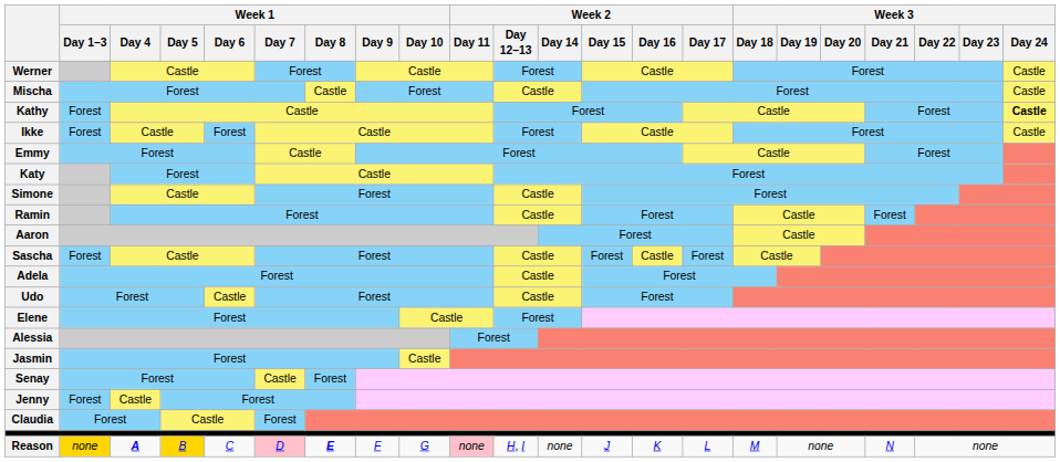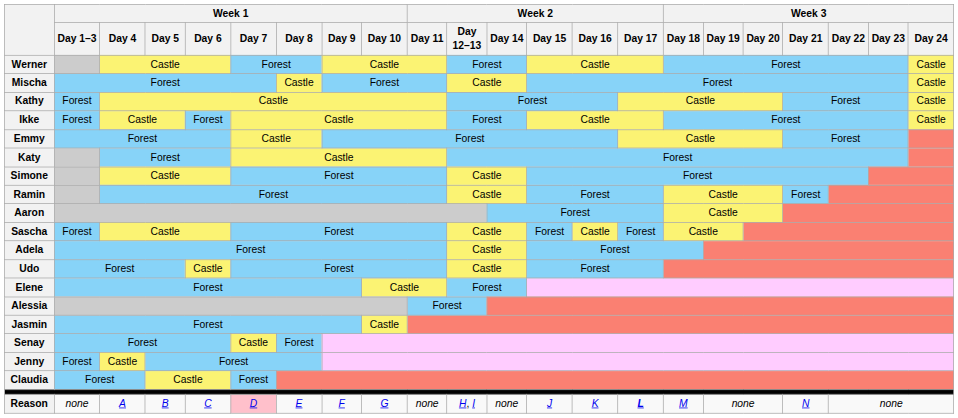 <table class="wikitable" style="text-align:center; width:auto; font-size:85%; line-height:18px;">
 <tr>
 <th rowspan="2" style="width:2%;"></th>
 <th colspan="8">Week 1</th>
 <th colspan="6">Week 2</th>
 <th colspan="7">Week 3</th>
 </tr>
 <tr>
 <th style="width:3%;">Day 1–3</th>
 <th style="width:3%;">Day 4</th>
 <th style="width:3%;">Day 5</th>
 <th style="width:3%;">Day 6</th>
 <th style="width:3%;">Day 7</th>
 <th style="width:3%;">Day 8</th>
 <th style="width:3%;">Day 9</th>
 <th style="width:3%;">Day 10</th>
 <th style="width:3%;">Day 11</th>
 <th style="width:3%;">Day 12–13</th>
 <th style="width:3%;">Day 14</th>
 <th style="width:3%;">Day 15</th>
 <th style="width:3%;">Day 16</th>
 <th style="width:3%;">Day 17</th>
 <th style="width:3%;">Day 18</th>
 <th style="width:3%;">Day 19</th>
 <th style="width:3%;">Day 20</th>
 <th style="width:3%;">Day 21</th>
 <th style="width:3%;">Day 22</th>
 <th style="width:3%;">Day 23</th>
 <th style="width:3%;">Day 24</th>
 </tr>
 <tr>
 <th>Werner</th>
 <td style="background:#cccccc;"></td>
 <td colspan="3" style="background:#FBF373;">Castle</td>
 <td colspan="2" style="background:#87D3F8;">Forest</td>
 <td colspan="3" style="background:#FBF373;">Castle</td>
 <td colspan="2" style="background:#87D3F8;">Forest</td>
 <td colspan="3" style="background:#FBF373;">Castle</td>
 <td colspan="6" style="background:#87D3F8;">Forest</td>
 <td style="background:#FBF373;">Castle</td>
 </tr>
 <tr>
 <th>Mischa</th>
 <td colspan="5" style="background:#87D3F8;">Forest</td>
 <td style="background:#FBF373;">Castle</td>
 <td colspan="3" style="background:#87D3F8;">Forest</td>
 <td colspan="2" style="background:#FBF373;">Castle</td>
 <td colspan="9" style="background:#87D3F8;">Forest</td>
 <td style="background:#FBF373;">Castle</td>
 </tr>
 <tr>
 <th>Kathy</th>
 <td style="background:#87D3F8;">Forest</td>
 <td colspan="8" style="background:#FBF373;">Castle</td>
 <td colspan="4" style="background:#87D3F8;">Forest</td>
 <td colspan="4" style="background:#FBF373;">Castle</td>
 <td colspan="3" style="background:#87D3F8;">Forest</td>
-<td style="background:#FBF373;"><strong>Castle</strong></td>
+<td style="background:#FBF373;">Castle</td>
 </tr>
 <tr>
 <th>Ikke</th>
 <td style="background:#87D3F8;">Forest</td>
 <td colspan="2" style="background:#FBF373;">Castle</td>
 <td style="background:#87D3F8;">Forest</td>
 <td colspan="5" style="background:#FBF373;">Castle</td>
 <td colspan="2" style="background:#87D3F8;">Forest</td>
 <td colspan="3" style="background:#FBF373;">Castle</td>
 <td colspan="6" style="background:#87D3F8;">Forest</td>
 <td style="background:#FBF373;">Castle</td>
 </tr>
 <tr>
 <th>Emmy</th>
 <td colspan="4" style="background:#87D3F8;">Forest</td>
 <td colspan="2" style="background:#FBF373;">Castle</td>
 <td colspan="7" style="background:#87D3F8;">Forest</td>
 <td colspan="4" style="background:#FBF373;">Castle</td>
 <td colspan="3" style="background:#87D3F8;">Forest</td>
 <td style="background:#FA8072"></td>
 </tr>
 <tr>
 <th>Katy</th>
 <td style="background:#cccccc;"></td>
 <td colspan="3" style="background:#87D3F8;">Forest</td>
 <td colspan="5" style="background:#FBF373;">Castle</td>
 <td colspan="11" style="background:#87D3F8;">Forest</td>
 <td style="background:#FA8072"></td>
 </tr>
 <tr>
 <th>Simone</th>
 <td style="background:#cccccc;"></td>
 <td colspan="3" style="background:#FBF373;">Castle</td>
 <td colspan="5" style="background:#87D3F8;">Forest</td>
 <td colspan="2" style="background:#FBF373;">Castle</td>
 <td colspan="8" style="background:#87D3F8;">Forest</td>
 <td colspan="2" style="background:#FA8072"></td>
 </tr>
 <tr>
 <th>Ramin</th>
 <td style="background:#cccccc;"></td>
 <td colspan="8" style="background:#87D3F8;">Forest</td>
 <td colspan="2" style="background:#FBF373;">Castle</td>
 <td colspan="3" style="background:#87D3F8;">Forest</td>
 <td colspan="3" style="background:#FBF373;">Castle</td>
 <td colspan="1" style="background:#87D3F8;">Forest</td>
 <td colspan="3" style="background:#FA8072"></td>
 </tr>
 <tr>
 <th>Aaron</th>
 <td colspan="10" style="background:#cccccc;"></td>
 <td colspan="4" style="background:#87D3F8;">Forest</td>
 <td colspan="3" style="background:#FBF373;">Castle</td>
 <td colspan="4" style="background:#FA8072"></td>
 </tr>
 <tr>
 <th>Sascha</th>
 <td style="background:#87D3F8;">Forest</td>
 <td colspan="3" style="background:#FBF373;">Castle</td>
 <td colspan="5" style="background:#87D3F8;">Forest</td>
 <td colspan="2" style="background:#FBF373;">Castle</td>
 <td colspan="1" style="background:#87D3F8;">Forest</td>
 <td style="background:#FBF373;">Castle</td>
 <td colspan="1" style="background:#87D3F8;">Forest</td>
 <td colspan="2" style="background:#FBF373;">Castle</td>
 <td colspan="5" style="background:#FA8072"></td>
 </tr>
 <tr>
 <th>Adela</th>
 <td colspan="9" style="background:#87D3F8;">Forest</td>
 <td colspan="2" style="background:#FBF373;">Castle</td>
 <td colspan="4" style="background:#87D3F8;">Forest</td>
 <td colspan="6" style="background:#FA8072"></td>
 </tr>
 <tr>
 <th>Udo</th>
 <td colspan="3" style="background:#87D3F8;">Forest</td>
 <td style="background:#FBF373;">Castle</td>
 <td colspan="5" style="background:#87D3F8;">Forest</td>
 <td colspan="2" style="background:#FBF373;">Castle</td>
 <td colspan="3" style="background:#87D3F8;">Forest</td>
 <td colspan="7" style="background:#FA8072"></td>
 </tr>
 <tr>
 <th>Elene</th>
 <td colspan="7" style="background:#87D3F8;">Forest</td>
 <td colspan="2" style="background:#FBF373;">Castle</td>
 <td colspan="2" style="background:#87D3F8;">Forest</td>
 <td style="background:#FCF" colspan="10"></td>
 </tr>
 <tr>
 <th>Alessia</th>
 <td colspan="8" style="background:#cccccc;"></td>
 <td colspan="2" style="background:#87D3F8;">Forest</td>
 <td colspan="11" style="background:#FA8072"></td>
 </tr>
 <tr>
 <th>Jasmin</th>
 <td colspan="7" style="background:#87D3F8;">Forest</td>
 <td style="background:#FBF373;">Castle</td>
 <td colspan="13" style="background:#FA8072"></td>
 </tr>
 <tr>
 <th>Senay</th>
 <td colspan="4" style="background:#87D3F8;">Forest</td>
 <td style="background:#FBF373;">Castle</td>
 <td style="background:#87D3F8;">Forest</td>
 <td style="background:#FCF" colspan="15"></td>
 </tr>
 <tr>
 <th>Jenny</th>
 <td style="background:#87D3F8;">Forest</td>
 <td style="background:#FBF373;">Castle</td>
 <td colspan="4" style="background:#87D3F8;">Forest</td>
 <td style="background:#FCF" colspan="15"></td>
 </tr>
 <tr>
 <th>Claudia</th>
 <td colspan="2" style="background:#87D3F8;">Forest</td>
 <td colspan="2" style="background:#FBF373;">Castle</td>
 <td style="background:#87D3F8;">Forest</td>
 <td colspan="16" style="background:#FA8072"></td>
 </tr>
 <tr>
 <th colspan="22" style="background:black;"></th>
 </tr>
 <tr>
 <th>Reason</th>
-<td style="background: gold;"><em>none</em></td>
-<td><strong><em><a href='#'>A</a></em></strong></td>
-<td style="background: gold;"><em><a href='#'>B</a></em></td>
+<td><em>none</em></td>
+<td><em><a href='#'>A</a></em></td>
+<td><em><a href='#'>B</a></em></td>
 <td><em><a href='#'>C</a></em></td>
 <td style="background: pink;"><em><a href='#'>D</a></em></td>
-<td><strong><em><a href='#'>E</a></em></strong></td>
+<td><em><a href='#'>E</a></em></td>
 <td><em><a href='#'>F</a></em></td>
 <td><em><a href='#'>G</a></em></td>
-<td style="background: pink;"><em>none</em></td>
+<td><em>none</em></td>
 <td><em><a href='#'>H</a></em>, <em><a href='#'>I</a></em></td>
 <td><em>none</em></td>
 <td><em><a href='#'>J</a></em></td>
 <td><em><a href='#'>K</a></em></td>
-<td><em><a href='#'>L</a></em></td>
+<td><strong><em><a href='#'>L</a></em></strong></td>
 <td><em><a href='#'>M</a></em></td>
 <td colspan="2"><em>none</em></td>
 <td><em><a href='#'>N</a></em></td>
 <td colspan="3"><em>none</em></td>
 </tr>
 </table>
